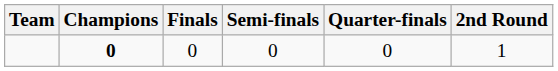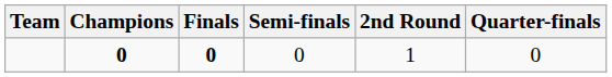 <table class="wikitable sortable" style="text-align:center">
 <tr>
 <th>Team</th>
 <th>Champions</th>
 <th>Finals</th>
 <th>Semi-finals</th>
+<th>2nd Round</th>
 <th>Quarter-finals</th>
-<th>2nd Round</th>
 </tr>
 <tr>
 <td align=left></td>
 <td><strong>0</strong></td>
-<td>0</td>
-<td>0</td>
+<td><strong>0</strong></td>
 <td>0</td>
 <td>1</td>
+<td>0</td>
 </tr>
 </table>
